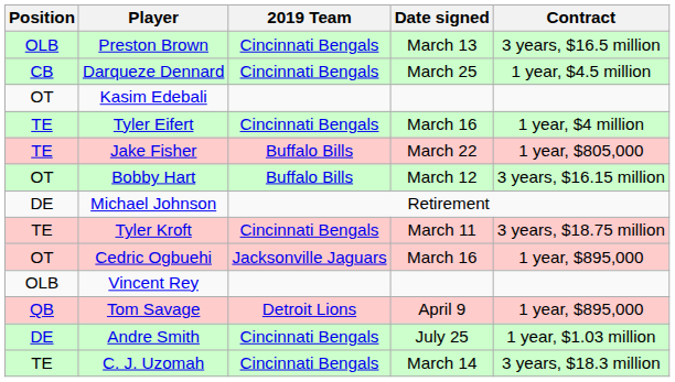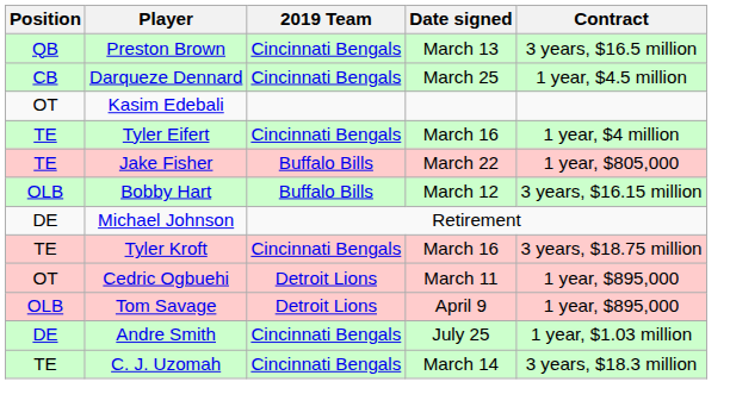 <table class="wikitable" style="text-align:center">
 <tr>
 <th>Position</th>
 <th>Player</th>
 <th>2019 Team</th>
 <th>Date signed</th>
 <th>Contract</th>
 </tr>
 <tr style="background:#cfc;">
-<td><a href='#'>OLB</a></td>
+<td><a href='#'>QB</a></td>
 <td><a href='#'>Preston Brown</a></td>
 <td><a href='#'>Cincinnati Bengals</a></td>
 <td>March 13</td>
 <td>3 years, $16.5 million</td>
 </tr>
 <tr style="background:#cfc;">
 <td><a href='#'>CB</a></td>
 <td><a href='#'>Darqueze Dennard</a></td>
 <td><a href='#'>Cincinnati Bengals</a></td>
 <td>March 25</td>
 <td>1 year, $4.5 million</td>
 </tr>
 <tr>
 <td>OT</td>
 <td><a href='#'>Kasim Edebali</a></td>
 <td></td>
 <td></td>
 <td></td>
 </tr>
 <tr style="background:#cfc;">
 <td><a href='#'>TE</a></td>
 <td><a href='#'>Tyler Eifert</a></td>
 <td><a href='#'>Cincinnati Bengals</a></td>
 <td>March 16</td>
 <td>1 year, $4 million</td>
 </tr>
 <tr style="background:#fcc;">
 <td><a href='#'>TE</a></td>
 <td><a href='#'>Jake Fisher</a></td>
 <td><a href='#'>Buffalo Bills</a></td>
 <td>March 22</td>
 <td>1 year, $805,000</td>
 </tr>
 <tr style="background:#cfc;">
-<td>OT</td>
+<td><a href='#'>OLB</a></td>
 <td><a href='#'>Bobby Hart</a></td>
 <td><a href='#'>Buffalo Bills</a></td>
 <td>March 12</td>
 <td>3 years, $16.15 million</td>
 </tr>
 <tr>
 <td>DE</td>
 <td><a href='#'>Michael Johnson</a></td>
 <td colspan="3">Retirement</td>
 </tr>
 <tr style="background:#fcc;">
 <td>TE</td>
 <td><a href='#'>Tyler Kroft</a></td>
 <td><a href='#'>Cincinnati Bengals</a></td>
-<td>March 11</td>
+<td>March 16</td>
 <td>3 years, $18.75 million</td>
 </tr>
 <tr style="background:#fcc;">
 <td>OT</td>
 <td><a href='#'>Cedric Ogbuehi</a></td>
-<td><a href='#'>Jacksonville Jaguars</a></td>
-<td>March 16</td>
+<td><a href='#'>Detroit Lions</a></td>
+<td>March 11</td>
 <td>1 year, $895,000</td>
 </tr>
-<tr>
-<td>OLB</td>
-<td><a href='#'>Vincent Rey</a></td>
-<td></td>
-<td></td>
-<td></td>
-</tr>
 <tr style="background:#fcc;">
-<td><a href='#'>QB</a></td>
+<td><a href='#'>OLB</a></td>
 <td><a href='#'>Tom Savage</a></td>
 <td><a href='#'>Detroit Lions</a></td>
 <td>April 9</td>
 <td>1 year, $895,000</td>
 </tr>
 <tr style="background:#cfc;">
 <td><a href='#'>DE</a></td>
 <td><a href='#'>Andre Smith</a></td>
 <td><a href='#'>Cincinnati Bengals</a></td>
 <td>July 25</td>
 <td>1 year, $1.03 million</td>
 </tr>
 <tr style="background:#cfc;">
 <td>TE</td>
 <td><a href='#'>C. J. Uzomah</a></td>
 <td><a href='#'>Cincinnati Bengals</a></td>
 <td>March 14</td>
 <td>3 years, $18.3 million</td>
 </tr>
 </table>
